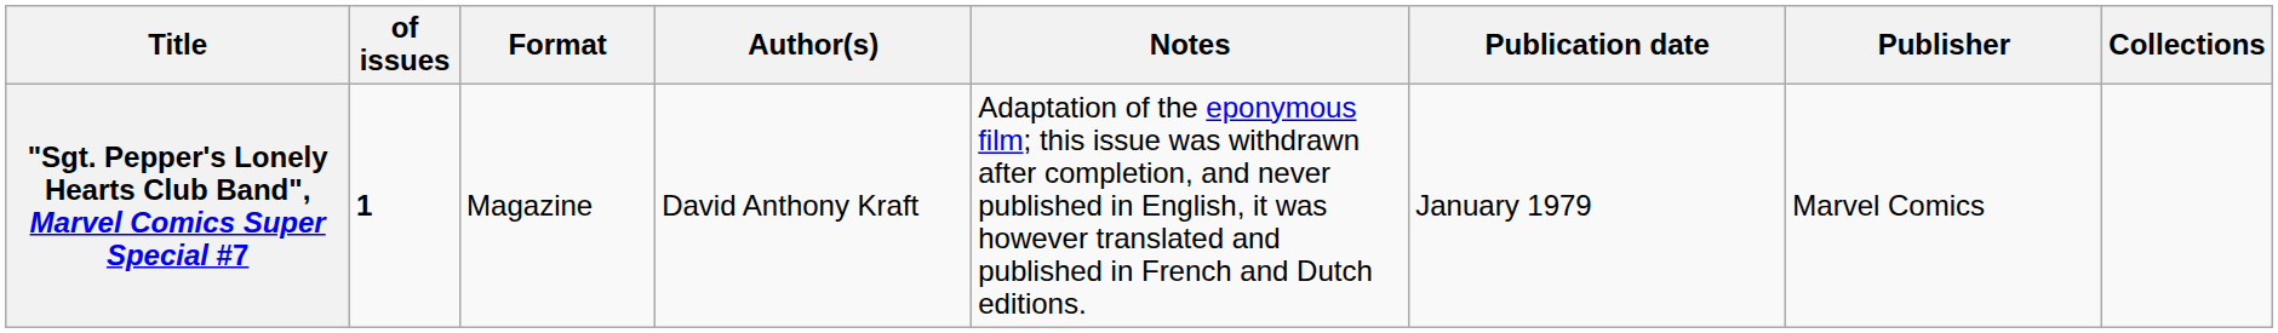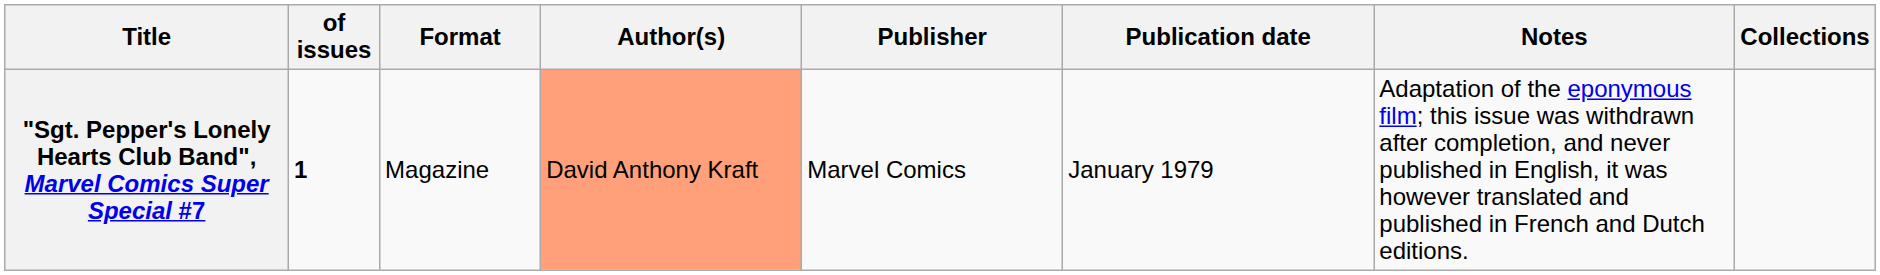 <table class="wikitable">
 <tr>
 <th>Title</th>
 <th style="width:40pt"> of issues</th>
 <th style="width:75pt">Format</th>
 <th style="width:125pt">Author(s)</th>
+<th style="width:125pt">Publisher</th>
+<th style="width:150pt">Publication date</th>
 <th style="width:175pt">Notes</th>
-<th style="width:150pt">Publication date</th>
-<th style="width:125pt">Publisher</th>
 <th>Collections</th>
 </tr>
 <tr>
 <th>"Sgt. Pepper's Lonely Hearts Club Band", <a href='#'><em>Marvel Comics Super Special</em> #7</a></th>
 <td><strong>1</strong></td>
 <td>Magazine</td>
-<td>David Anthony Kraft</td>
+<td style="background: lightsalmon;">David Anthony Kraft</td>
+<td>Marvel Comics</td>
+<td>January 1979</td>
 <td>Adaptation of the <a href='#'>eponymous film</a>; this issue was withdrawn after completion, and never published in English, it was however translated and published in French and Dutch editions.</td>
-<td>January 1979</td>
-<td>Marvel Comics</td>
 <td></td>
 </tr>
 </table>
